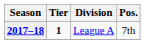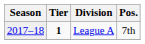 <table class="wikitable" style="font-size:85%; text-align:center">
 <tr>
 <th>Season</th>
 <th>Tier</th>
 <th>Division</th>
 <th>Pos.</th>
 </tr>
 <tr>
-<td bgcolor=#efefef><strong><a href='#'>2017–18</a></strong></td>
+<td bgcolor=#efefef><a href='#'>2017–18</a></td>
 <td><strong>1</strong></td>
 <td align=left><a href='#'>League A</a></td>
 <td>7th</td>
 </tr>
 <tr>
 </tr>
 </table>
